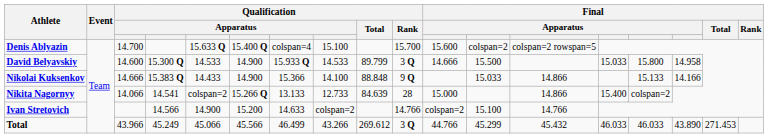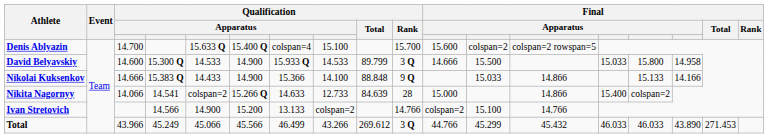 <table class="wikitable" style="font-size:90%">
 <tr>
 <th rowspan=3>Athlete</th>
 <th rowspan=3>Event</th>
 <th colspan =8>Qualification</th>
 <th colspan =8>Final</th>
 </tr>
 <tr style="font-size:95%">
 <th colspan=6>Apparatus</th>
 <th rowspan=2>Total</th>
 <th rowspan=2>Rank</th>
 <th colspan=6>Apparatus</th>
 <th rowspan=2>Total</th>
 <th rowspan=2>Rank</th>
 </tr>
 <tr style="font-size:95%">
 <th></th>
 <th></th>
 <th></th>
 <th></th>
 <th></th>
 <th></th>
 <th></th>
 <th></th>
 <th></th>
 <th></th>
 <th></th>
 <th></th>
 </tr>
 <tr align=center>
 <td align=left><strong><a href='#'>Denis Ablyazin</a></strong></td>
 <td align=left rowspan=6><a href='#'>Team</a></td>
 <td>14.700</td>
 <td></td>
 <td>15.633 <strong>Q</strong></td>
 <td>15.400 <strong>Q</strong></td>
 <td>colspan=4 </td>
 <td>15.100</td>
 <td></td>
 <td>15.700</td>
 <td>15.600</td>
 <td>colspan=2 </td>
 <td>colspan=2 rowspan=5 </td>
 </tr>
 <tr align=center>
 <td align=left><strong><a href='#'>David Belyavskiy</a></strong></td>
 <td>14.600</td>
 <td>15.300 <strong>Q</strong></td>
 <td>14.533</td>
 <td>14.900</td>
 <td>15.933 <strong>Q</strong></td>
 <td>14.533</td>
 <td>89.799</td>
 <td>3 <strong>Q</strong></td>
 <td>14.666</td>
 <td>15.500</td>
 <td></td>
 <td>15.033</td>
 <td>15.800</td>
 <td>14.958</td>
 </tr>
 <tr align=center>
 <td align=left><strong><a href='#'>Nikolai Kuksenkov</a></strong></td>
 <td>14.666</td>
 <td>15.383 <strong>Q</strong></td>
 <td>14.433</td>
 <td>14.900</td>
 <td>15.366</td>
 <td>14.100</td>
 <td>88.848</td>
 <td>9 <strong>Q</strong></td>
 <td></td>
 <td>15.033</td>
 <td>14.866</td>
 <td></td>
 <td>15.133</td>
 <td>14.166</td>
 </tr>
 <tr align=center>
 <td align=left><strong><a href='#'>Nikita Nagornyy</a></strong></td>
 <td>14.066</td>
 <td>14.541</td>
 <td>colspan=2 </td>
 <td>15.266 <strong>Q</strong></td>
-<td>13.133</td>
+<td>14.633</td>
 <td>12.733</td>
 <td>84.639</td>
 <td>28</td>
 <td>15.000</td>
 <td></td>
 <td>14.866</td>
 <td>15.400</td>
 <td>colspan=2 </td>
 </tr>
 <tr align=center>
 <td align=left><strong><a href='#'>Ivan Stretovich</a></strong></td>
 <td></td>
 <td>14.566</td>
 <td>14.900</td>
 <td>15.200</td>
-<td>14.633</td>
+<td>13.133</td>
 <td>colspan=2 </td>
 <td></td>
 <td>14.766</td>
 <td>colspan=2 </td>
 <td>15.100</td>
 <td>14.766</td>
 </tr>
 <tr align=center>
 <td align=left><strong>Total</strong></td>
 <td>43.966</td>
 <td>45.249</td>
 <td>45.066</td>
 <td>45.566</td>
 <td>46.499</td>
 <td>43.266</td>
 <td>269.612</td>
 <td>3 <strong>Q</strong></td>
 <td>44.766</td>
 <td>45.299</td>
 <td>45.432</td>
 <td>46.033</td>
 <td>46.033</td>
 <td>43.890</td>
 <td>271.453</td>
 <td></td>
 </tr>
 </table>
